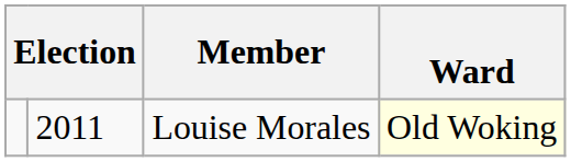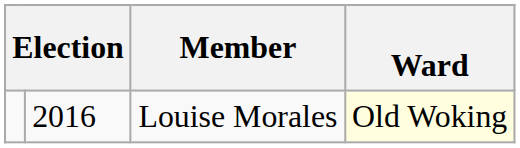 <table class="wikitable">
 <tr>
 <th colspan="2">Election</th>
 <th>Member</th>
 <th><br>Ward</th>
 </tr>
 <tr>
 <td style="background-color: "></td>
-<td>2011</td>
+<td>2016</td>
 <td>Louise Morales</td>
 <td style="background: lightyellow;">Old Woking</td>
 </tr>
 </table>
